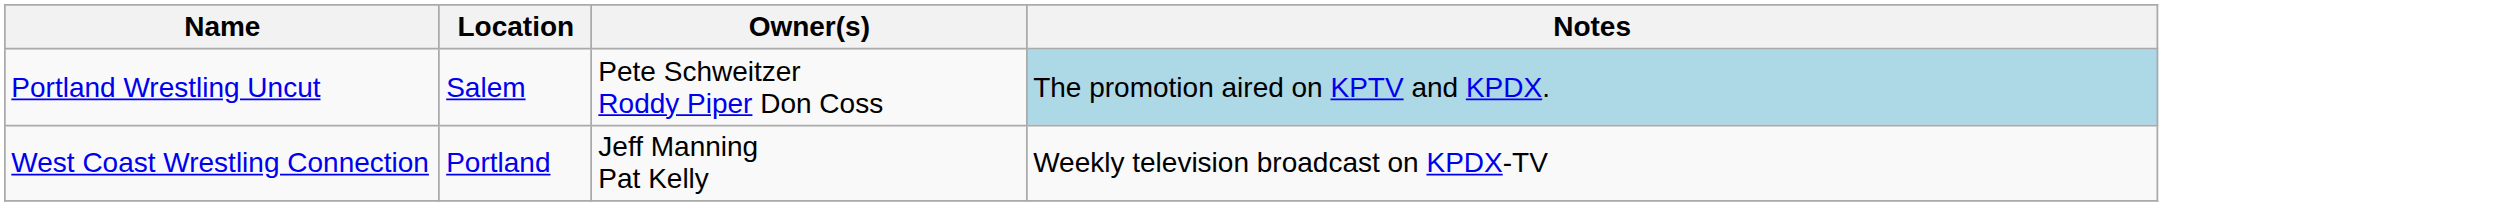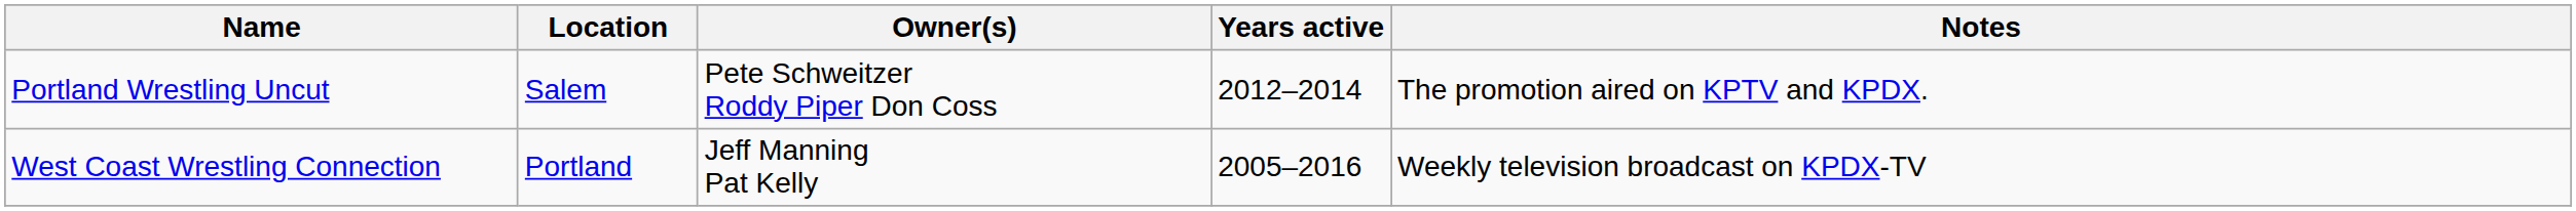 <table class="wikitable">
 <tr>
 <th style="width:20%;">Name</th>
 <th style="width:7%;">Location</th>
 <th style="width:20%;">Owner(s)</th>
+<th style="width:7%;">Years active</th>
 <th style="width:52%;">Notes</th>
 </tr>
 <tr>
 <td><a href='#'>Portland Wrestling Uncut</a></td>
 <td><a href='#'>Salem</a></td>
 <td>Pete Schweitzer<br><a href='#'>Roddy Piper</a> Don Coss</td>
-<td style="background: lightblue;">The promotion aired on <a href='#'>KPTV</a> and <a href='#'>KPDX</a>.</td>
+<td>2012–2014</td>
+<td>The promotion aired on <a href='#'>KPTV</a> and <a href='#'>KPDX</a>.</td>
 </tr>
 <tr>
 <td><a href='#'>West Coast Wrestling Connection</a></td>
 <td><a href='#'>Portland</a></td>
 <td>Jeff Manning<br>Pat Kelly</td>
+<td>2005–2016</td>
 <td>Weekly television broadcast on <a href='#'>KPDX</a>-TV</td>
 </tr>
 </table>
